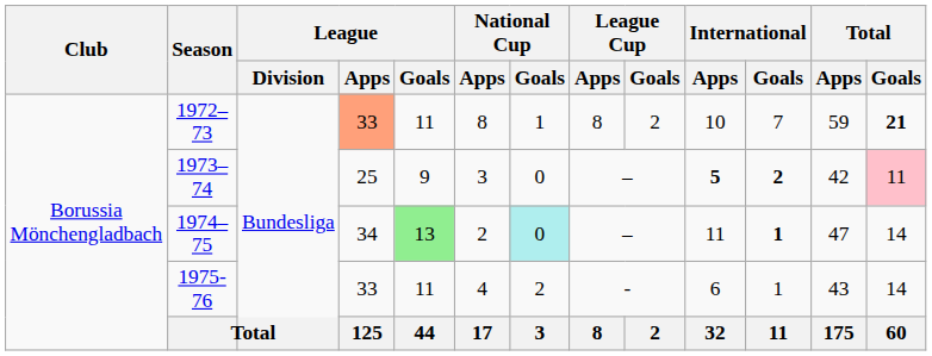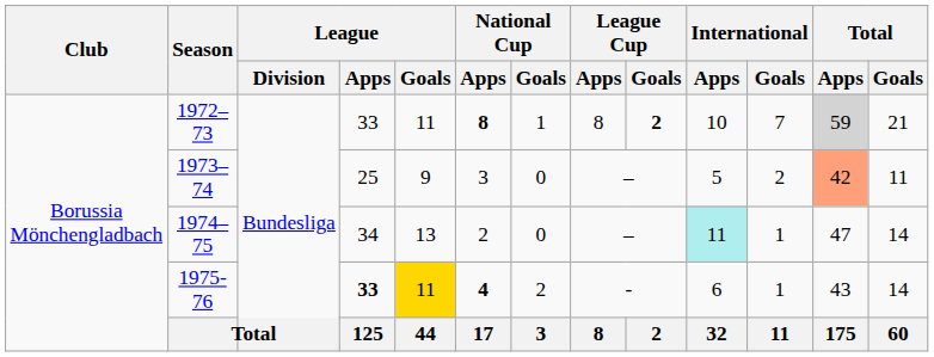 <table class="wikitable" style="text-align:center">
 <tr>
 <th rowspan="2">Club</th>
 <th rowspan="2">Season</th>
 <th colspan="3">League</th>
 <th colspan="2">National Cup</th>
 <th colspan="2">League Cup</th>
 <th colspan="2">International</th>
 <th colspan="3">Total</th>
 </tr>
 <tr>
 <th>Division</th>
 <th>Apps</th>
 <th>Goals</th>
 <th>Apps</th>
 <th>Goals</th>
 <th>Apps</th>
 <th>Goals</th>
 <th>Apps</th>
 <th>Goals</th>
 <th>Apps</th>
 <th>Goals</th>
 </tr>
 <tr>
 <td rowspan="9"><a href='#'>Borussia Mönchengladbach</a></td>
 <td><a href='#'>1972–73</a></td>
 <td rowspan="8"><a href='#'>Bundesliga</a></td>
-<td style="background: lightsalmon;">33</td>
+<td>33</td>
 <td>11</td>
-<td>8</td>
+<td><strong>8</strong></td>
 <td>1</td>
 <td>8</td>
-<td>2</td>
+<td><strong>2</strong></td>
 <td>10</td>
 <td>7</td>
-<td>59</td>
-<td><strong>21</strong></td>
+<td style="background: lightgrey;">59</td>
+<td>21</td>
 </tr>
 <tr>
 <td><a href='#'>1973–74</a></td>
 <td>25</td>
 <td>9</td>
 <td>3</td>
 <td>0</td>
 <td colspan="2">–</td>
-<td><strong>5</strong></td>
-<td><strong>2</strong></td>
-<td>42</td>
-<td style="background: pink;">11</td>
+<td>5</td>
+<td>2</td>
+<td style="background: lightsalmon;">42</td>
+<td>11</td>
 </tr>
 <tr>
 <td><a href='#'>1974–75</a></td>
 <td>34</td>
-<td style="background: lightgreen;">13</td>
+<td>13</td>
 <td>2</td>
-<td style="background: paleturquoise;">0</td>
+<td>0</td>
 <td colspan="2">–</td>
-<td>11</td>
-<td><strong>1</strong></td>
+<td style="background: paleturquoise;">11</td>
+<td>1</td>
 <td>47</td>
 <td>14</td>
 </tr>
 <tr>
 <td><a href='#'>1975-76</a></td>
-<td>33</td>
-<td>11</td>
-<td>4</td>
+<td><strong>33</strong></td>
+<td style="background: gold;">11</td>
+<td><strong>4</strong></td>
 <td>2</td>
 <td colspan="2">-</td>
 <td>6</td>
 <td>1</td>
 <td>43</td>
 <td>14</td>
 </tr>
 <tr>
 <th colspan="2">Total</th>
 <th>125</th>
 <th>44</th>
 <th>17</th>
 <th>3</th>
 <th>8</th>
 <th>2</th>
 <th>32</th>
 <th>11</th>
 <th>175</th>
 <th>60</th>
 </tr>
 </table>
